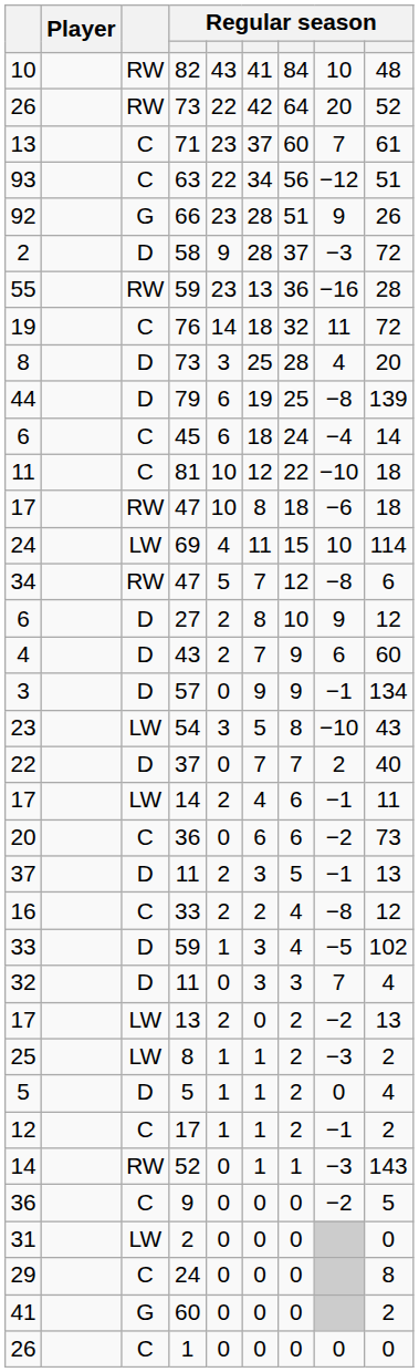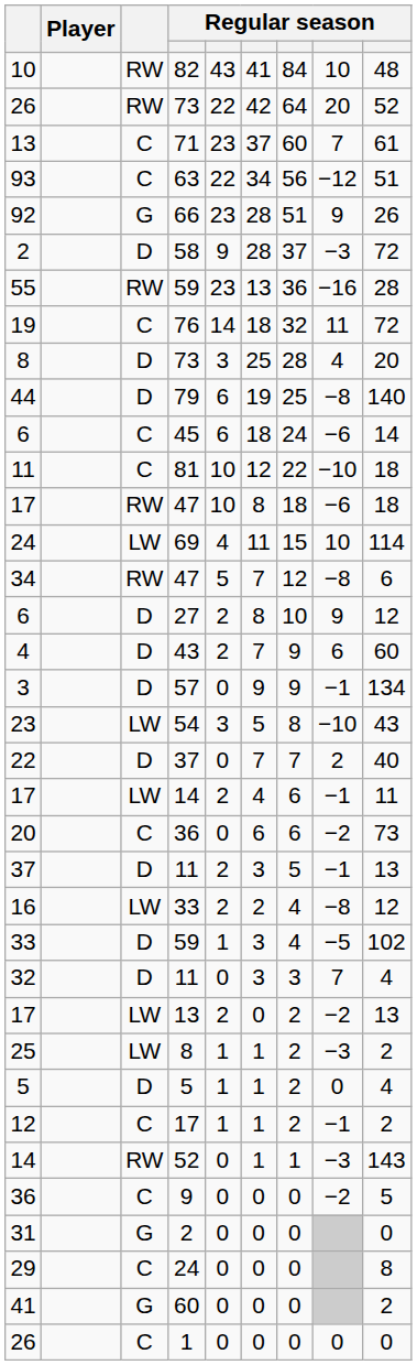 <table class="wikitable sortable plainrowheaders" style="text-align:center;">
 <tr>
 <th scope="col" data-sort-type="number" rowspan="2"></th>
 <th scope="col" rowspan="2">Player</th>
 <th scope="col" rowspan="2"></th>
 <th scope=colgroup colspan=6>Regular season</th>
 </tr>
 <tr>
 <th scope="col" data-sort-type="number"></th>
 <th scope="col" data-sort-type="number"></th>
 <th scope="col" data-sort-type="number"></th>
 <th scope="col" data-sort-type="number"></th>
 <th scope="col" data-sort-type="number"></th>
 <th scope="col" data-sort-type="number"></th>
 </tr>
 <tr>
 <td scope="row">10</td>
 <td align="left"></td>
 <td>RW</td>
 <td>82</td>
 <td>43</td>
 <td>41</td>
 <td>84</td>
 <td>10</td>
 <td>48</td>
 </tr>
 <tr>
 <td scope="row">26</td>
 <td align="left"></td>
 <td>RW</td>
 <td>73</td>
 <td>22</td>
 <td>42</td>
 <td>64</td>
 <td>20</td>
 <td>52</td>
 </tr>
 <tr>
 <td scope="row">13</td>
 <td align="left"></td>
 <td>C</td>
 <td>71</td>
 <td>23</td>
 <td>37</td>
 <td>60</td>
 <td>7</td>
 <td>61</td>
 </tr>
 <tr>
 <td scope="row">93</td>
 <td align="left"></td>
 <td>C</td>
 <td>63</td>
 <td>22</td>
 <td>34</td>
 <td>56</td>
 <td>−12</td>
 <td>51</td>
 </tr>
 <tr>
 <td scope="row">92</td>
 <td align="left"></td>
 <td>G</td>
 <td>66</td>
 <td>23</td>
 <td>28</td>
 <td>51</td>
 <td>9</td>
 <td>26</td>
 </tr>
 <tr>
 <td scope="row">2</td>
 <td align="left"></td>
 <td>D</td>
 <td>58</td>
 <td>9</td>
 <td>28</td>
 <td>37</td>
 <td>−3</td>
 <td>72</td>
 </tr>
 <tr>
 <td scope="row">55</td>
 <td align="left"></td>
 <td>RW</td>
 <td>59</td>
 <td>23</td>
 <td>13</td>
 <td>36</td>
 <td>−16</td>
 <td>28</td>
 </tr>
 <tr>
 <td scope="row">19</td>
 <td align="left"></td>
 <td>C</td>
 <td>76</td>
 <td>14</td>
 <td>18</td>
 <td>32</td>
 <td>11</td>
 <td>72</td>
 </tr>
 <tr>
 <td scope="row">8</td>
 <td align="left"></td>
 <td>D</td>
 <td>73</td>
 <td>3</td>
 <td>25</td>
 <td>28</td>
 <td>4</td>
 <td>20</td>
 </tr>
 <tr>
 <td scope="row">44</td>
 <td align="left"></td>
 <td>D</td>
 <td>79</td>
 <td>6</td>
 <td>19</td>
 <td>25</td>
 <td>−8</td>
-<td>139</td>
+<td>140</td>
 </tr>
 <tr>
 <td scope="row">6</td>
 <td align="left"></td>
 <td>C</td>
 <td>45</td>
 <td>6</td>
 <td>18</td>
 <td>24</td>
-<td>−4</td>
+<td>−6</td>
 <td>14</td>
 </tr>
 <tr>
 <td scope="row">11</td>
 <td align="left"></td>
 <td>C</td>
 <td>81</td>
 <td>10</td>
 <td>12</td>
 <td>22</td>
 <td>−10</td>
 <td>18</td>
 </tr>
 <tr>
 <td scope="row">17</td>
 <td align="left"></td>
 <td>RW</td>
 <td>47</td>
 <td>10</td>
 <td>8</td>
 <td>18</td>
 <td>−6</td>
 <td>18</td>
 </tr>
 <tr>
 <td scope="row">24</td>
 <td align="left"></td>
 <td>LW</td>
 <td>69</td>
 <td>4</td>
 <td>11</td>
 <td>15</td>
 <td>10</td>
 <td>114</td>
 </tr>
 <tr>
 <td scope="row">34</td>
 <td align="left"></td>
 <td>RW</td>
 <td>47</td>
 <td>5</td>
 <td>7</td>
 <td>12</td>
 <td>−8</td>
 <td>6</td>
 </tr>
 <tr>
 <td scope="row">6</td>
 <td align="left"></td>
 <td>D</td>
 <td>27</td>
 <td>2</td>
 <td>8</td>
 <td>10</td>
 <td>9</td>
 <td>12</td>
 </tr>
 <tr>
 <td scope="row">4</td>
 <td align="left"></td>
 <td>D</td>
 <td>43</td>
 <td>2</td>
 <td>7</td>
 <td>9</td>
 <td>6</td>
 <td>60</td>
 </tr>
 <tr>
 <td scope="row">3</td>
 <td align="left"></td>
 <td>D</td>
 <td>57</td>
 <td>0</td>
 <td>9</td>
 <td>9</td>
 <td>−1</td>
 <td>134</td>
 </tr>
 <tr>
 <td scope="row">23</td>
 <td align="left"></td>
 <td>LW</td>
 <td>54</td>
 <td>3</td>
 <td>5</td>
 <td>8</td>
 <td>−10</td>
 <td>43</td>
 </tr>
 <tr>
 <td scope="row">22</td>
 <td align="left"></td>
 <td>D</td>
 <td>37</td>
 <td>0</td>
 <td>7</td>
 <td>7</td>
 <td>2</td>
 <td>40</td>
 </tr>
 <tr>
 <td scope="row">17</td>
 <td align="left"></td>
 <td>LW</td>
 <td>14</td>
 <td>2</td>
 <td>4</td>
 <td>6</td>
 <td>−1</td>
 <td>11</td>
 </tr>
 <tr>
 <td scope="row">20</td>
 <td align="left"></td>
 <td>C</td>
 <td>36</td>
 <td>0</td>
 <td>6</td>
 <td>6</td>
 <td>−2</td>
 <td>73</td>
 </tr>
 <tr>
 <td scope="row">37</td>
 <td align="left"></td>
 <td>D</td>
 <td>11</td>
 <td>2</td>
 <td>3</td>
 <td>5</td>
 <td>−1</td>
 <td>13</td>
 </tr>
 <tr>
 <td scope="row">16</td>
 <td align="left"></td>
-<td>C</td>
+<td>LW</td>
 <td>33</td>
 <td>2</td>
 <td>2</td>
 <td>4</td>
 <td>−8</td>
 <td>12</td>
 </tr>
 <tr>
 <td scope="row">33</td>
 <td align="left"></td>
 <td>D</td>
 <td>59</td>
 <td>1</td>
 <td>3</td>
 <td>4</td>
 <td>−5</td>
 <td>102</td>
 </tr>
 <tr>
 <td scope="row">32</td>
 <td align="left"></td>
 <td>D</td>
 <td>11</td>
 <td>0</td>
 <td>3</td>
 <td>3</td>
 <td>7</td>
 <td>4</td>
 </tr>
 <tr>
 <td scope="row">17</td>
 <td align="left"></td>
 <td>LW</td>
 <td>13</td>
 <td>2</td>
 <td>0</td>
 <td>2</td>
 <td>−2</td>
 <td>13</td>
 </tr>
 <tr>
 <td scope="row">25</td>
 <td align="left"></td>
 <td>LW</td>
 <td>8</td>
 <td>1</td>
 <td>1</td>
 <td>2</td>
 <td>−3</td>
 <td>2</td>
 </tr>
 <tr>
 <td scope="row">5</td>
 <td align="left"></td>
 <td>D</td>
 <td>5</td>
 <td>1</td>
 <td>1</td>
 <td>2</td>
 <td>0</td>
 <td>4</td>
 </tr>
 <tr>
 <td scope="row">12</td>
 <td align="left"></td>
 <td>C</td>
 <td>17</td>
 <td>1</td>
 <td>1</td>
 <td>2</td>
 <td>−1</td>
 <td>2</td>
 </tr>
 <tr>
 <td scope="row">14</td>
 <td align="left"></td>
 <td>RW</td>
 <td>52</td>
 <td>0</td>
 <td>1</td>
 <td>1</td>
 <td>−3</td>
 <td>143</td>
 </tr>
 <tr>
 <td scope="row">36</td>
 <td align="left"></td>
 <td>C</td>
 <td>9</td>
 <td>0</td>
 <td>0</td>
 <td>0</td>
 <td>−2</td>
 <td>5</td>
 </tr>
 <tr>
 <td scope="row">31</td>
 <td align="left"></td>
-<td>LW</td>
+<td>G</td>
 <td>2</td>
 <td>0</td>
 <td>0</td>
 <td>0</td>
 <td style="background:#ccc"></td>
 <td>0</td>
 </tr>
 <tr>
 <td scope="row">29</td>
 <td align="left"></td>
 <td>C</td>
 <td>24</td>
 <td>0</td>
 <td>0</td>
 <td>0</td>
 <td style="background:#ccc"></td>
 <td>8</td>
 </tr>
 <tr>
 <td scope="row">41</td>
 <td align="left"></td>
 <td>G</td>
 <td>60</td>
 <td>0</td>
 <td>0</td>
 <td>0</td>
 <td style="background:#ccc"></td>
 <td>2</td>
 </tr>
 <tr>
 <td scope="row">26</td>
 <td align="left"></td>
 <td>C</td>
 <td>1</td>
 <td>0</td>
 <td>0</td>
 <td>0</td>
 <td>0</td>
 <td>0</td>
 </tr>
 </table>
